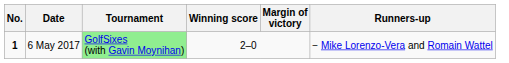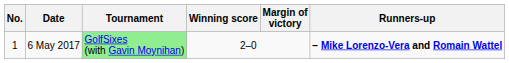 <table class="wikitable" style="font-size:95%;">
 <tr>
 <th>No.</th>
 <th>Date</th>
 <th>Tournament</th>
 <th>Winning score</th>
 <th>Margin of<br>victory</th>
 <th>Runners-up</th>
 </tr>
 <tr>
-<td align=center><strong>1</strong></td>
+<td align=center>1</td>
 <td align=right>6 May 2017</td>
 <td style="background: lightgreen;"><a href='#'>GolfSixes</a><br>(with  <a href='#'>Gavin Moynihan</a>)</td>
 <td colspan="2" style="text-align:center;">2–0</td>
-<td> − <a href='#'>Mike Lorenzo-Vera</a> and <a href='#'>Romain Wattel</a></td>
+<td><strong> − <a href='#'>Mike Lorenzo-Vera</a> and <a href='#'>Romain Wattel</a></strong></td>
 </tr>
 </table>
